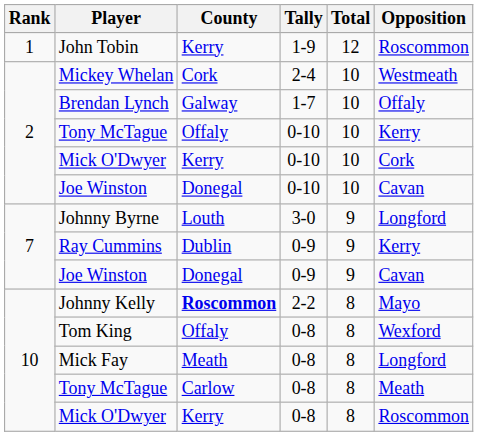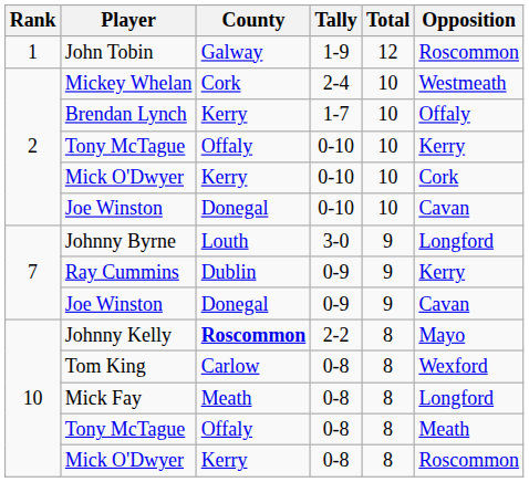 <table class="wikitable">
 <tr>
 <th>Rank</th>
 <th>Player</th>
 <th>County</th>
 <th>Tally</th>
 <th>Total</th>
 <th>Opposition</th>
 </tr>
 <tr>
 <td style="text-align:center;">1</td>
 <td>John Tobin</td>
-<td><a href='#'>Kerry</a></td>
+<td><a href='#'>Galway</a></td>
 <td align=center>1-9</td>
 <td align=center>12</td>
 <td><a href='#'>Roscommon</a></td>
 </tr>
 <tr>
 <td rowspan="5" style="text-align:center;">2</td>
 <td><a href='#'>Mickey Whelan</a></td>
 <td><a href='#'>Cork</a></td>
 <td align=center>2-4</td>
 <td align=center>10</td>
 <td><a href='#'>Westmeath</a></td>
 </tr>
 <tr>
 <td><a href='#'>Brendan Lynch</a></td>
-<td><a href='#'>Galway</a></td>
+<td><a href='#'>Kerry</a></td>
 <td align=center>1-7</td>
 <td align=center>10</td>
 <td><a href='#'>Offaly</a></td>
 </tr>
 <tr>
 <td><a href='#'>Tony McTague</a></td>
 <td><a href='#'>Offaly</a></td>
 <td align=center>0-10</td>
 <td align=center>10</td>
 <td><a href='#'>Kerry</a></td>
 </tr>
 <tr>
 <td><a href='#'>Mick O'Dwyer</a></td>
 <td><a href='#'>Kerry</a></td>
 <td align=center>0-10</td>
 <td align=center>10</td>
 <td><a href='#'>Cork</a></td>
 </tr>
 <tr>
 <td><a href='#'>Joe Winston</a></td>
 <td><a href='#'>Donegal</a></td>
 <td align=center>0-10</td>
 <td align=center>10</td>
 <td><a href='#'>Cavan</a></td>
 </tr>
 <tr>
 <td rowspan="3" style="text-align:center;">7</td>
 <td>Johnny Byrne</td>
 <td><a href='#'>Louth</a></td>
 <td align=center>3-0</td>
 <td align=center>9</td>
 <td><a href='#'>Longford</a></td>
 </tr>
 <tr>
 <td><a href='#'>Ray Cummins</a></td>
 <td><a href='#'>Dublin</a></td>
 <td align=center>0-9</td>
 <td align=center>9</td>
 <td><a href='#'>Kerry</a></td>
 </tr>
 <tr>
 <td><a href='#'>Joe Winston</a></td>
 <td><a href='#'>Donegal</a></td>
 <td align=center>0-9</td>
 <td align=center>9</td>
 <td><a href='#'>Cavan</a></td>
 </tr>
 <tr>
 <td rowspan="5" style="text-align:center;">10</td>
 <td>Johnny Kelly</td>
 <td><strong><a href='#'>Roscommon</a></strong></td>
 <td align=center>2-2</td>
 <td align=center>8</td>
 <td><a href='#'>Mayo</a></td>
 </tr>
 <tr>
 <td>Tom King</td>
-<td><a href='#'>Offaly</a></td>
+<td><a href='#'>Carlow</a></td>
 <td align=center>0-8</td>
 <td align=center>8</td>
 <td><a href='#'>Wexford</a></td>
 </tr>
 <tr>
 <td>Mick Fay</td>
 <td><a href='#'>Meath</a></td>
 <td align=center>0-8</td>
 <td align=center>8</td>
 <td><a href='#'>Longford</a></td>
 </tr>
 <tr>
 <td><a href='#'>Tony McTague</a></td>
-<td><a href='#'>Carlow</a></td>
+<td><a href='#'>Offaly</a></td>
 <td align=center>0-8</td>
 <td align=center>8</td>
 <td><a href='#'>Meath</a></td>
 </tr>
 <tr>
 <td><a href='#'>Mick O'Dwyer</a></td>
 <td><a href='#'>Kerry</a></td>
 <td align=center>0-8</td>
 <td align=center>8</td>
 <td><a href='#'>Roscommon</a></td>
 </tr>
 </table>
